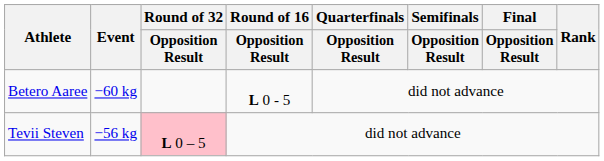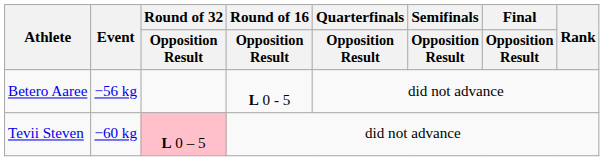 <table class="wikitable" style="font-size:90%;">
 <tr>
 <th rowspan=2>Athlete</th>
 <th rowspan=2>Event</th>
 <th>Round of 32</th>
 <th>Round of 16</th>
 <th>Quarterfinals</th>
 <th>Semifinals</th>
 <th>Final</th>
 <th rowspan=2>Rank</th>
 </tr>
 <tr style="font-size:95%">
 <th>Opposition<br>Result</th>
 <th>Opposition<br>Result</th>
 <th>Opposition<br>Result</th>
 <th>Opposition<br>Result</th>
 <th>Opposition<br>Result</th>
 </tr>
 <tr align=center>
 <td align=left><a href='#'>Betero Aaree</a></td>
-<td align=left><a href='#'>−60 kg</a></td>
+<td align=left><a href='#'>−56 kg</a></td>
 <td></td>
 <td><br><strong>L</strong> 0 - 5</td>
 <td colspan=4>did not advance</td>
 </tr>
 <tr align=center>
 <td align=left><a href='#'>Tevii Steven</a></td>
-<td align=left><a href='#'>−56 kg</a></td>
+<td align=left><a href='#'>−60 kg</a></td>
 <td style="background: pink;"><br><strong>L</strong> 0 – 5</td>
 <td colspan=5>did not advance</td>
 </tr>
 </table>
